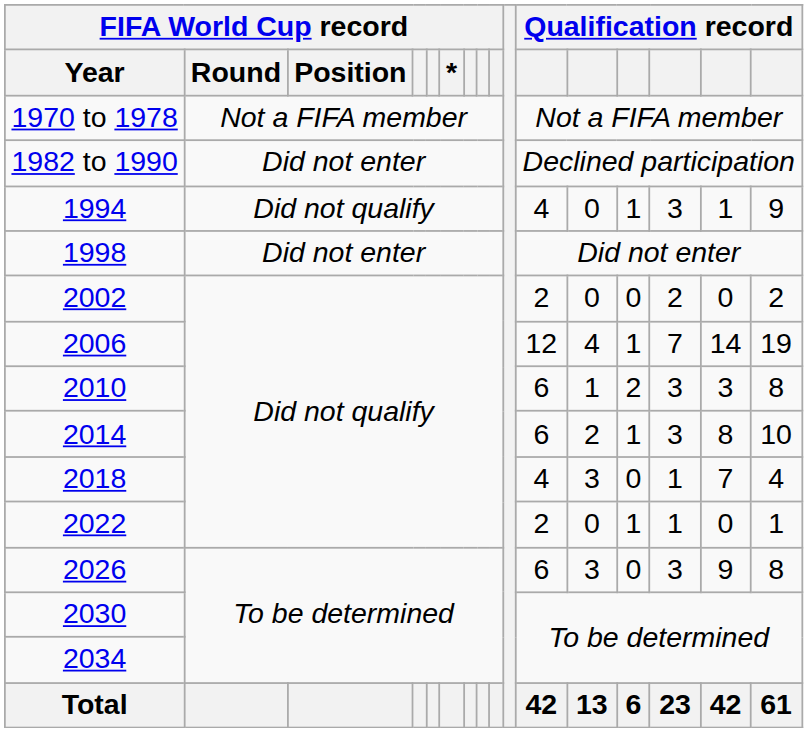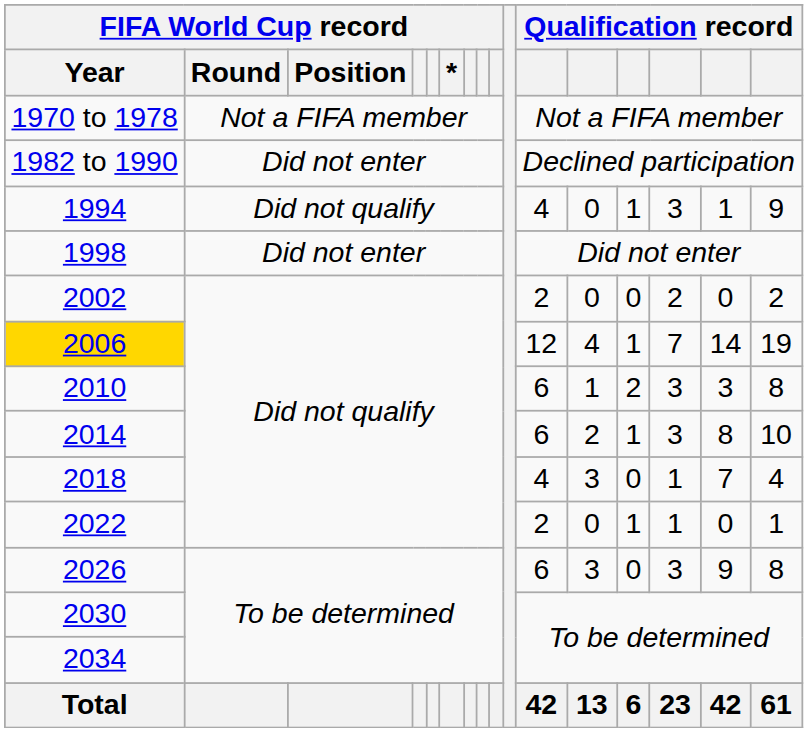 <table class="wikitable" style="text-align: center;">
 <tr>
 <th colspan=9><a href='#'>FIFA World Cup</a> record</th>
 <th rowspan=39></th>
 <th colspan=6><a href='#'>Qualification</a> record</th>
 </tr>
 <tr>
 <th>Year</th>
 <th>Round</th>
 <th>Position</th>
 <th></th>
 <th></th>
 <th>*</th>
 <th></th>
 <th></th>
 <th></th>
 <th></th>
 <th></th>
 <th></th>
 <th></th>
 <th></th>
 <th></th>
 </tr>
 <tr>
 <td><a href='#'>1970</a> to <a href='#'>1978</a></td>
 <td colspan=8><em>Not a FIFA member</em></td>
 <td colspan=6><em>Not a FIFA member</em></td>
 </tr>
 <tr>
 <td><a href='#'>1982</a> to <a href='#'>1990</a></td>
 <td colspan=8><em>Did not enter</em></td>
 <td colspan=6><em>Declined participation</em></td>
 </tr>
 <tr>
 <td> <a href='#'>1994</a></td>
 <td colspan=8><em>Did not qualify</em></td>
 <td>4</td>
 <td>0</td>
 <td>1</td>
 <td>3</td>
 <td>1</td>
 <td>9</td>
 </tr>
 <tr>
 <td> <a href='#'>1998</a></td>
 <td colspan=8><em>Did not enter</em></td>
 <td colspan=6><em>Did not enter</em></td>
 </tr>
 <tr>
 <td>  <a href='#'>2002</a></td>
 <td colspan=8 rowspan=6><em>Did not qualify</em></td>
 <td>2</td>
 <td>0</td>
 <td>0</td>
 <td>2</td>
 <td>0</td>
 <td>2</td>
 </tr>
 <tr>
-<td> <a href='#'>2006</a></td>
+<td style="background: gold;"> <a href='#'>2006</a></td>
 <td>12</td>
 <td>4</td>
 <td>1</td>
 <td>7</td>
 <td>14</td>
 <td>19</td>
 </tr>
 <tr>
 <td> <a href='#'>2010</a></td>
 <td>6</td>
 <td>1</td>
 <td>2</td>
 <td>3</td>
 <td>3</td>
 <td>8</td>
 </tr>
 <tr>
 <td> <a href='#'>2014</a></td>
 <td>6</td>
 <td>2</td>
 <td>1</td>
 <td>3</td>
 <td>8</td>
 <td>10</td>
 </tr>
 <tr>
 <td> <a href='#'>2018</a></td>
 <td>4</td>
 <td>3</td>
 <td>0</td>
 <td>1</td>
 <td>7</td>
 <td>4</td>
 </tr>
 <tr>
 <td> <a href='#'>2022</a></td>
 <td>2</td>
 <td>0</td>
 <td>1</td>
 <td>1</td>
 <td>0</td>
 <td>1</td>
 </tr>
 <tr>
 <td>   <a href='#'>2026</a></td>
 <td colspan=8 rowspan=3><em>To be determined</em></td>
 <td>6</td>
 <td>3</td>
 <td>0</td>
 <td>3</td>
 <td>9</td>
 <td>8</td>
 </tr>
 <tr>
 <td>   <a href='#'>2030</a></td>
 <td colspan=6 rowspan=2><em>To be determined</em></td>
 </tr>
 <tr>
 <td> <a href='#'>2034</a></td>
 </tr>
 <tr>
 <th><strong>Total</strong></th>
 <th></th>
 <th></th>
 <th></th>
 <th></th>
 <th></th>
 <th></th>
 <th></th>
 <th></th>
 <th><strong>42</strong></th>
 <th><strong>13</strong></th>
 <th><strong>6</strong></th>
 <th><strong>23</strong></th>
 <th><strong>42</strong></th>
 <th><strong>61</strong></th>
 </tr>
 </table>
